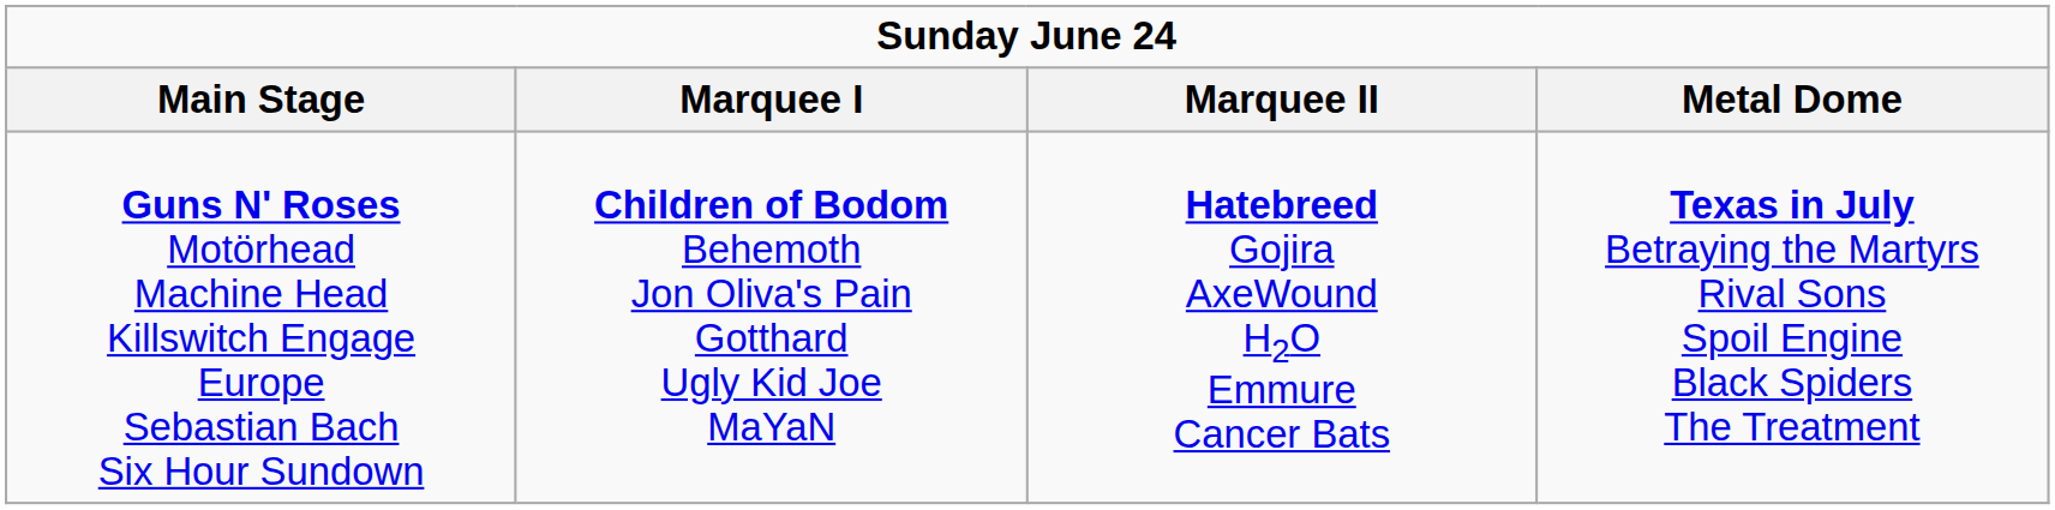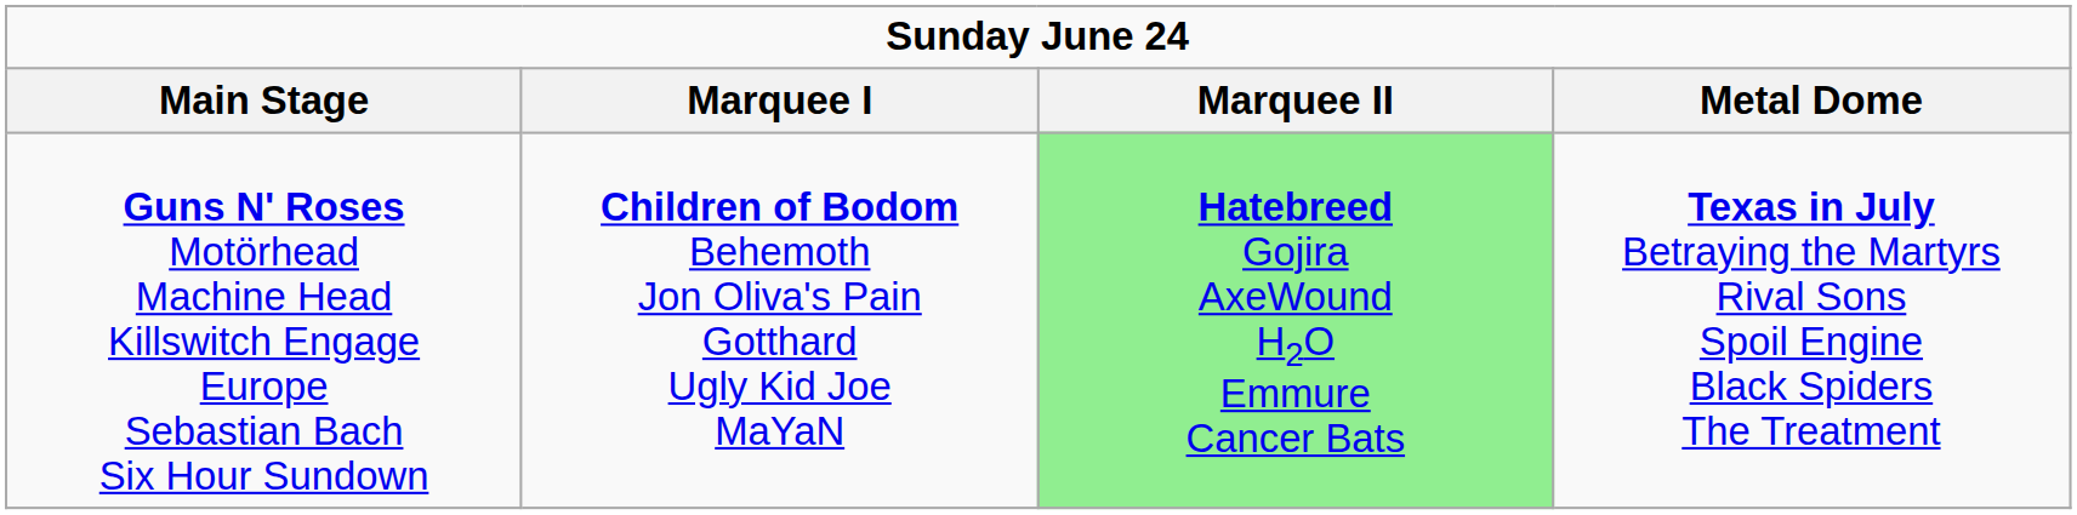 <table class="wikitable">
 <tr>
 <td colspan="4" style="text-align:center;"><strong>Sunday June 24</strong></td>
 </tr>
 <tr>
 <th>Main Stage</th>
 <th>Marquee I</th>
 <th>Marquee II</th>
 <th>Metal Dome</th>
 </tr>
 <tr>
 <td style="text-align:center; vertical-align:top; width:200px;"><br><strong><a href='#'>Guns N' Roses</a></strong> <br><a href='#'>Motörhead</a> <br><a href='#'>Machine Head</a> <br><a href='#'>Killswitch Engage</a> <br><a href='#'>Europe</a> <br><a href='#'>Sebastian Bach</a> <br><a href='#'>Six Hour Sundown</a></td>
 <td style="text-align:center; vertical-align:top; width:200px;"><br><strong><a href='#'>Children of Bodom</a></strong> <br><a href='#'>Behemoth</a> <br><a href='#'>Jon Oliva's Pain</a> <br><a href='#'>Gotthard</a> <br><a href='#'>Ugly Kid Joe</a> <br><a href='#'>MaYaN</a></td>
-<td style="text-align:center; vertical-align:top; width:200px;"><br><strong><a href='#'>Hatebreed</a></strong> <br><a href='#'>Gojira</a> <br><a href='#'>AxeWound</a> <br><a href='#'>H<sub>2</sub>O</a> <br><a href='#'>Emmure</a> <br><a href='#'>Cancer Bats</a></td>
+<td style="background: lightgreen; text-align:center; vertical-align:top; width:200px;"><br><strong><a href='#'>Hatebreed</a></strong> <br><a href='#'>Gojira</a> <br><a href='#'>AxeWound</a> <br><a href='#'>H<sub>2</sub>O</a> <br><a href='#'>Emmure</a> <br><a href='#'>Cancer Bats</a></td>
 <td style="text-align:center; vertical-align:top; width:200px;"><br><strong><a href='#'>Texas in July</a></strong> <br><a href='#'>Betraying the Martyrs</a> <br><a href='#'>Rival Sons</a> <br><a href='#'>Spoil Engine</a> <br><a href='#'>Black Spiders</a> <br><a href='#'>The Treatment</a></td>
 </tr>
 </table>
